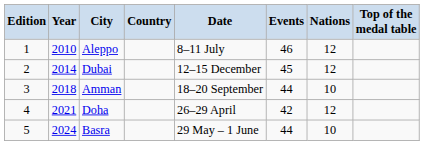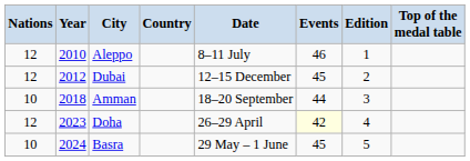 <table class="wikitable sortable" style="text-align:left; font-size:90%;">
 <tr>
-<th style="background-color: #CCDDEE;">Edition</th>
+<th style="background-color: #CCDDEE;">Nations</th>
 <th style="background-color: #CCDDEE;">Year</th>
 <th style="background-color: #CCDDEE;">City</th>
 <th style="background-color: #CCDDEE;">Country</th>
 <th style="background-color: #CCDDEE;">Date</th>
 <th style="background-color: #CCDDEE;">Events</th>
-<th style="background-color: #CCDDEE;">Nations</th>
+<th style="background-color: #CCDDEE;">Edition</th>
 <th style="background-color: #CCDDEE;">Top of the<br>medal table</th>
 </tr>
 <tr>
-<td align=center>1</td>
+<td align=center>12</td>
 <td align=center><a href='#'>2010</a></td>
 <td><a href='#'>Aleppo</a></td>
 <td align=left></td>
 <td>8–11 July</td>
 <td align=center>46</td>
-<td align=center>12</td>
+<td align=center>1</td>
 <td></td>
 </tr>
 <tr>
-<td align=center>2</td>
-<td align=center><a href='#'>2014</a></td>
+<td align=center>12</td>
+<td align=center><a href='#'>2012</a></td>
 <td><a href='#'>Dubai</a></td>
 <td align=left></td>
 <td>12–15 December</td>
 <td align=center>45</td>
-<td align=center>12</td>
+<td align=center>2</td>
 <td></td>
 </tr>
 <tr>
-<td align=center>3</td>
+<td align=center>10</td>
 <td align=center><a href='#'>2018</a></td>
 <td><a href='#'>Amman</a></td>
 <td align=left></td>
 <td>18–20 September</td>
 <td align=center>44</td>
-<td align=center>10</td>
+<td align=center>3</td>
 <td></td>
 </tr>
 <tr>
-<td align=center>4</td>
-<td align=center><a href='#'>2021</a></td>
+<td align=center>12</td>
+<td align=center><a href='#'>2023</a></td>
 <td><a href='#'>Doha</a></td>
 <td align=left></td>
 <td>26–29 April</td>
-<td align=center>42</td>
-<td align=center>12</td>
+<td align=center style="background: lightyellow;">42</td>
+<td align=center>4</td>
 <td></td>
 </tr>
 <tr>
-<td align=center>5</td>
+<td align=center>10</td>
 <td align=center><a href='#'>2024</a></td>
 <td><a href='#'>Basra</a></td>
 <td align=left></td>
 <td>29 May – 1 June</td>
-<td align=center>44</td>
-<td align=center>10</td>
+<td align=center>45</td>
+<td align=center>5</td>
 <td></td>
 </tr>
 </table>
